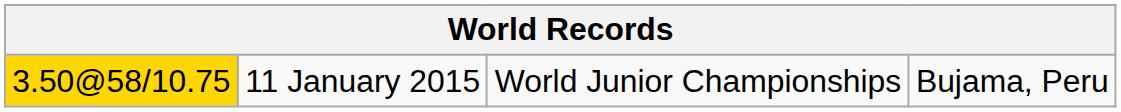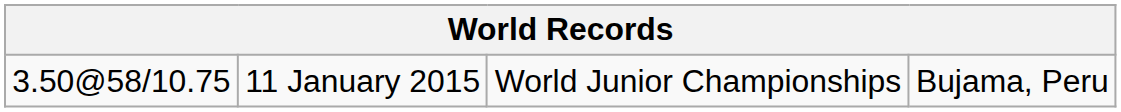 <table class="wikitable">
 <tr>
 <th colspan="4">World Records</th>
 </tr>
 <tr>
-<td style="background: gold;">3.50@58/10.75</td>
+<td>3.50@58/10.75</td>
 <td>11 January 2015</td>
 <td>World Junior Championships</td>
 <td>Bujama, Peru</td>
 </tr>
 </table>
